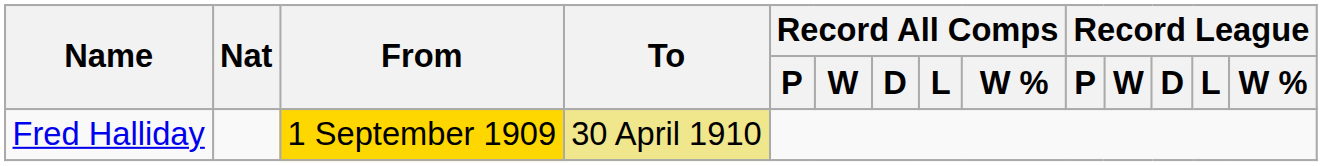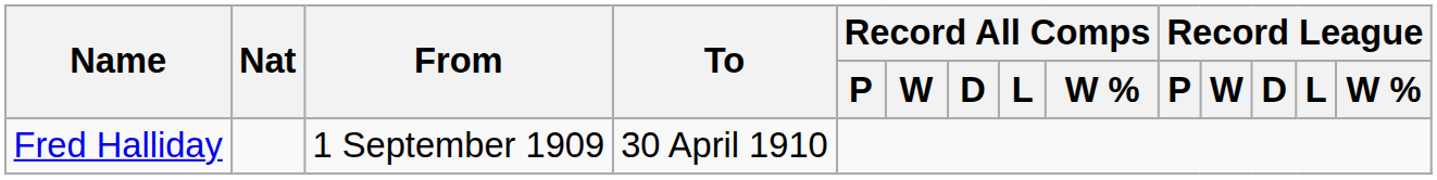 <table class="wikitable" style="text-align: center">
 <tr>
 <th rowspan="2">Name</th>
 <th rowspan="2">Nat</th>
 <th rowspan="2">From</th>
 <th rowspan="2">To</th>
 <th colspan="5">Record All Comps</th>
 <th colspan="5">Record League</th>
 </tr>
 <tr>
 <th>P</th>
 <th>W</th>
 <th>D</th>
 <th>L</th>
 <th>W %</th>
 <th>P</th>
 <th>W</th>
 <th>D</th>
 <th>L</th>
 <th>W %</th>
 </tr>
 <tr>
 <td style="text-align:left;"><a href='#'>Fred Halliday</a></td>
 <td></td>
-<td align=left style="background: gold;">1 September 1909</td>
-<td align=left style="background: khaki;">30 April 1910<br> </td>
+<td align=left>1 September 1909</td>
+<td align=left>30 April 1910<br> </td>
 </tr>
 </table>
